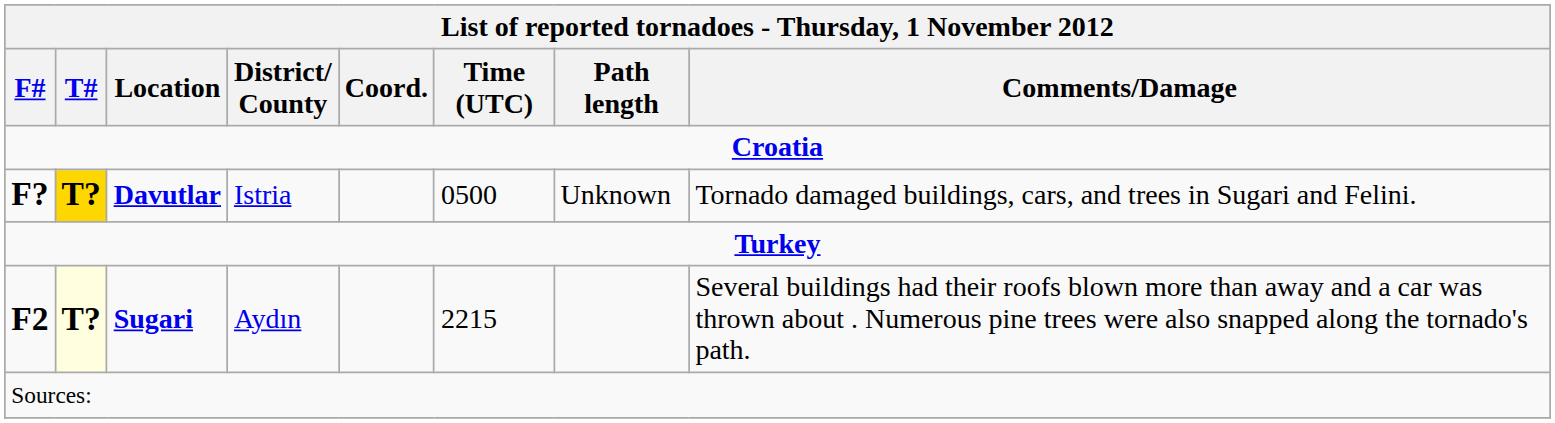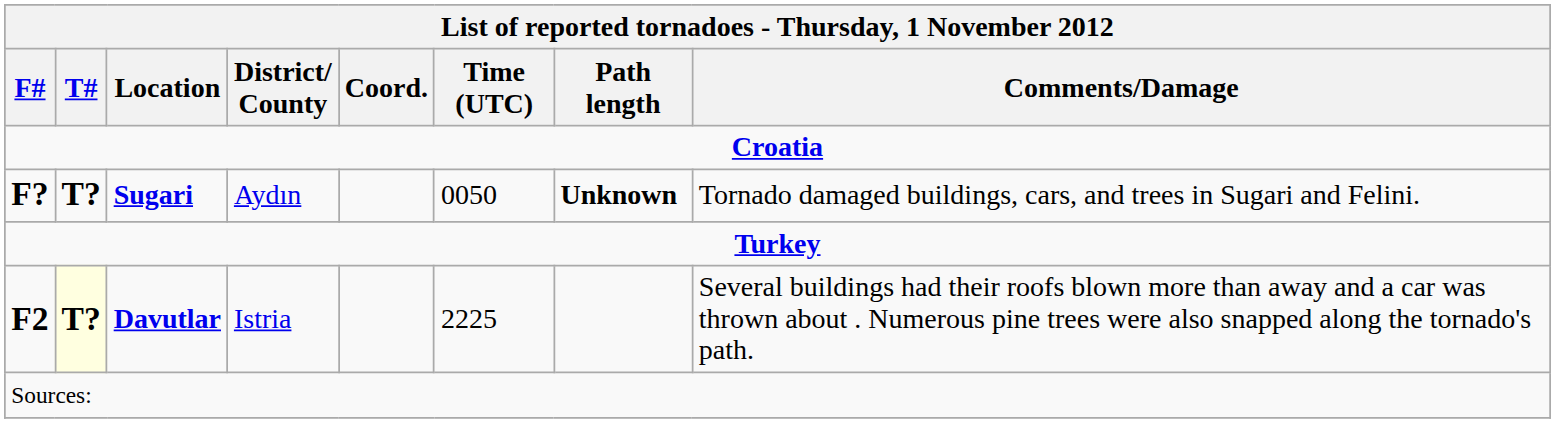 <table class="wikitable collapsible" width="100%">
 <tr>
 <th colspan="8">List of reported tornadoes - Thursday, 1 November 2012</th>
 </tr>
 <tr>
 <th><a href='#'>F#</a></th>
 <th><a href='#'>T#</a></th>
 <th>Location</th>
 <th>District/<br>County</th>
 <th>Coord.</th>
 <th>Time (UTC)</th>
 <th>Path length</th>
 <th>Comments/Damage</th>
 </tr>
 <tr>
 <td colspan="8" align=center><strong><a href='#'>Croatia</a></strong></td>
 </tr>
 <tr>
 <td><big><strong>F?</strong></big></td>
-<td style="background: gold;"><big><strong>T?</strong></big></td>
-<td><strong><a href='#'>Davutlar</a></strong></td>
-<td><a href='#'>Istria</a></td>
+<td><big><strong>T?</strong></big></td>
+<td><strong><a href='#'>Sugari</a></strong></td>
+<td><a href='#'>Aydın</a></td>
 <td></td>
-<td>0500</td>
-<td>Unknown</td>
+<td>0050</td>
+<td><strong>Unknown</strong></td>
 <td>Tornado damaged buildings, cars, and trees in Sugari and Felini.</td>
 </tr>
 <tr>
 <td colspan="8" align=center><strong><a href='#'>Turkey</a></strong></td>
 </tr>
 <tr>
 <td><big><strong>F2</strong></big></td>
 <td style="background: lightyellow;"><big><strong>T?</strong></big></td>
-<td><strong><a href='#'>Sugari</a></strong></td>
-<td><a href='#'>Aydın</a></td>
+<td><strong><a href='#'>Davutlar</a></strong></td>
+<td><a href='#'>Istria</a></td>
 <td></td>
-<td>2215</td>
+<td>2225</td>
 <td></td>
 <td>Several buildings had their roofs blown more than  away and a car was thrown about . Numerous pine trees were also snapped along the tornado's path.</td>
 </tr>
 <tr>
 <td colspan="8"><small>Sources:  </small></td>
 </tr>
 </table>
